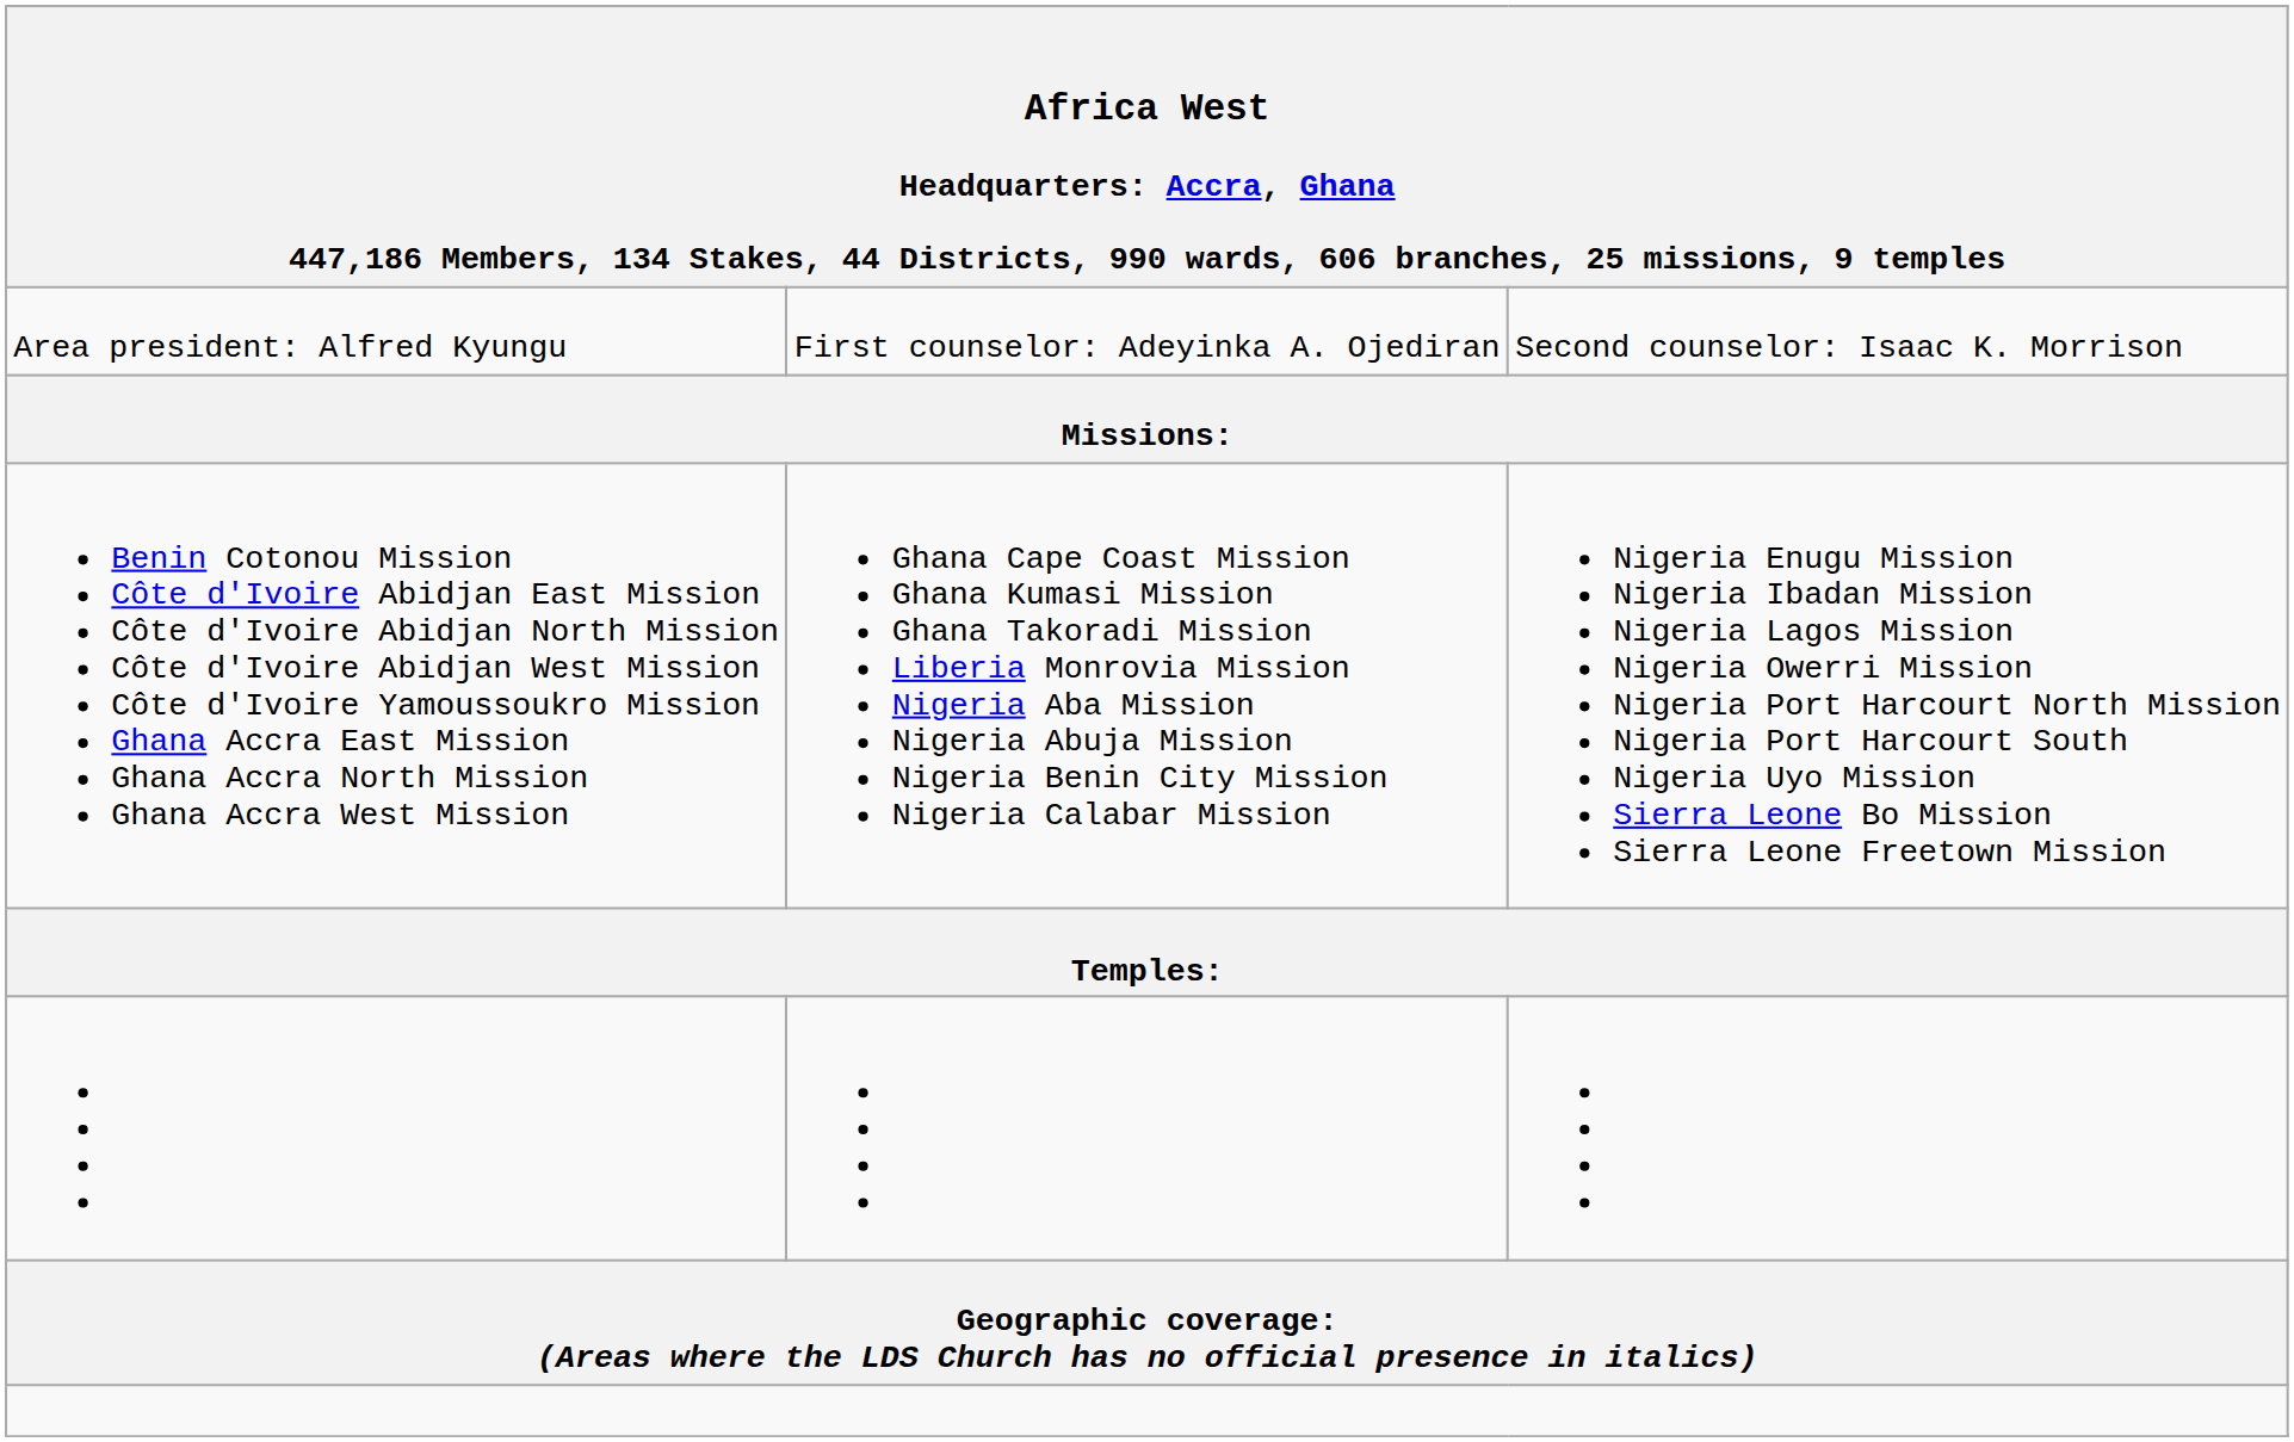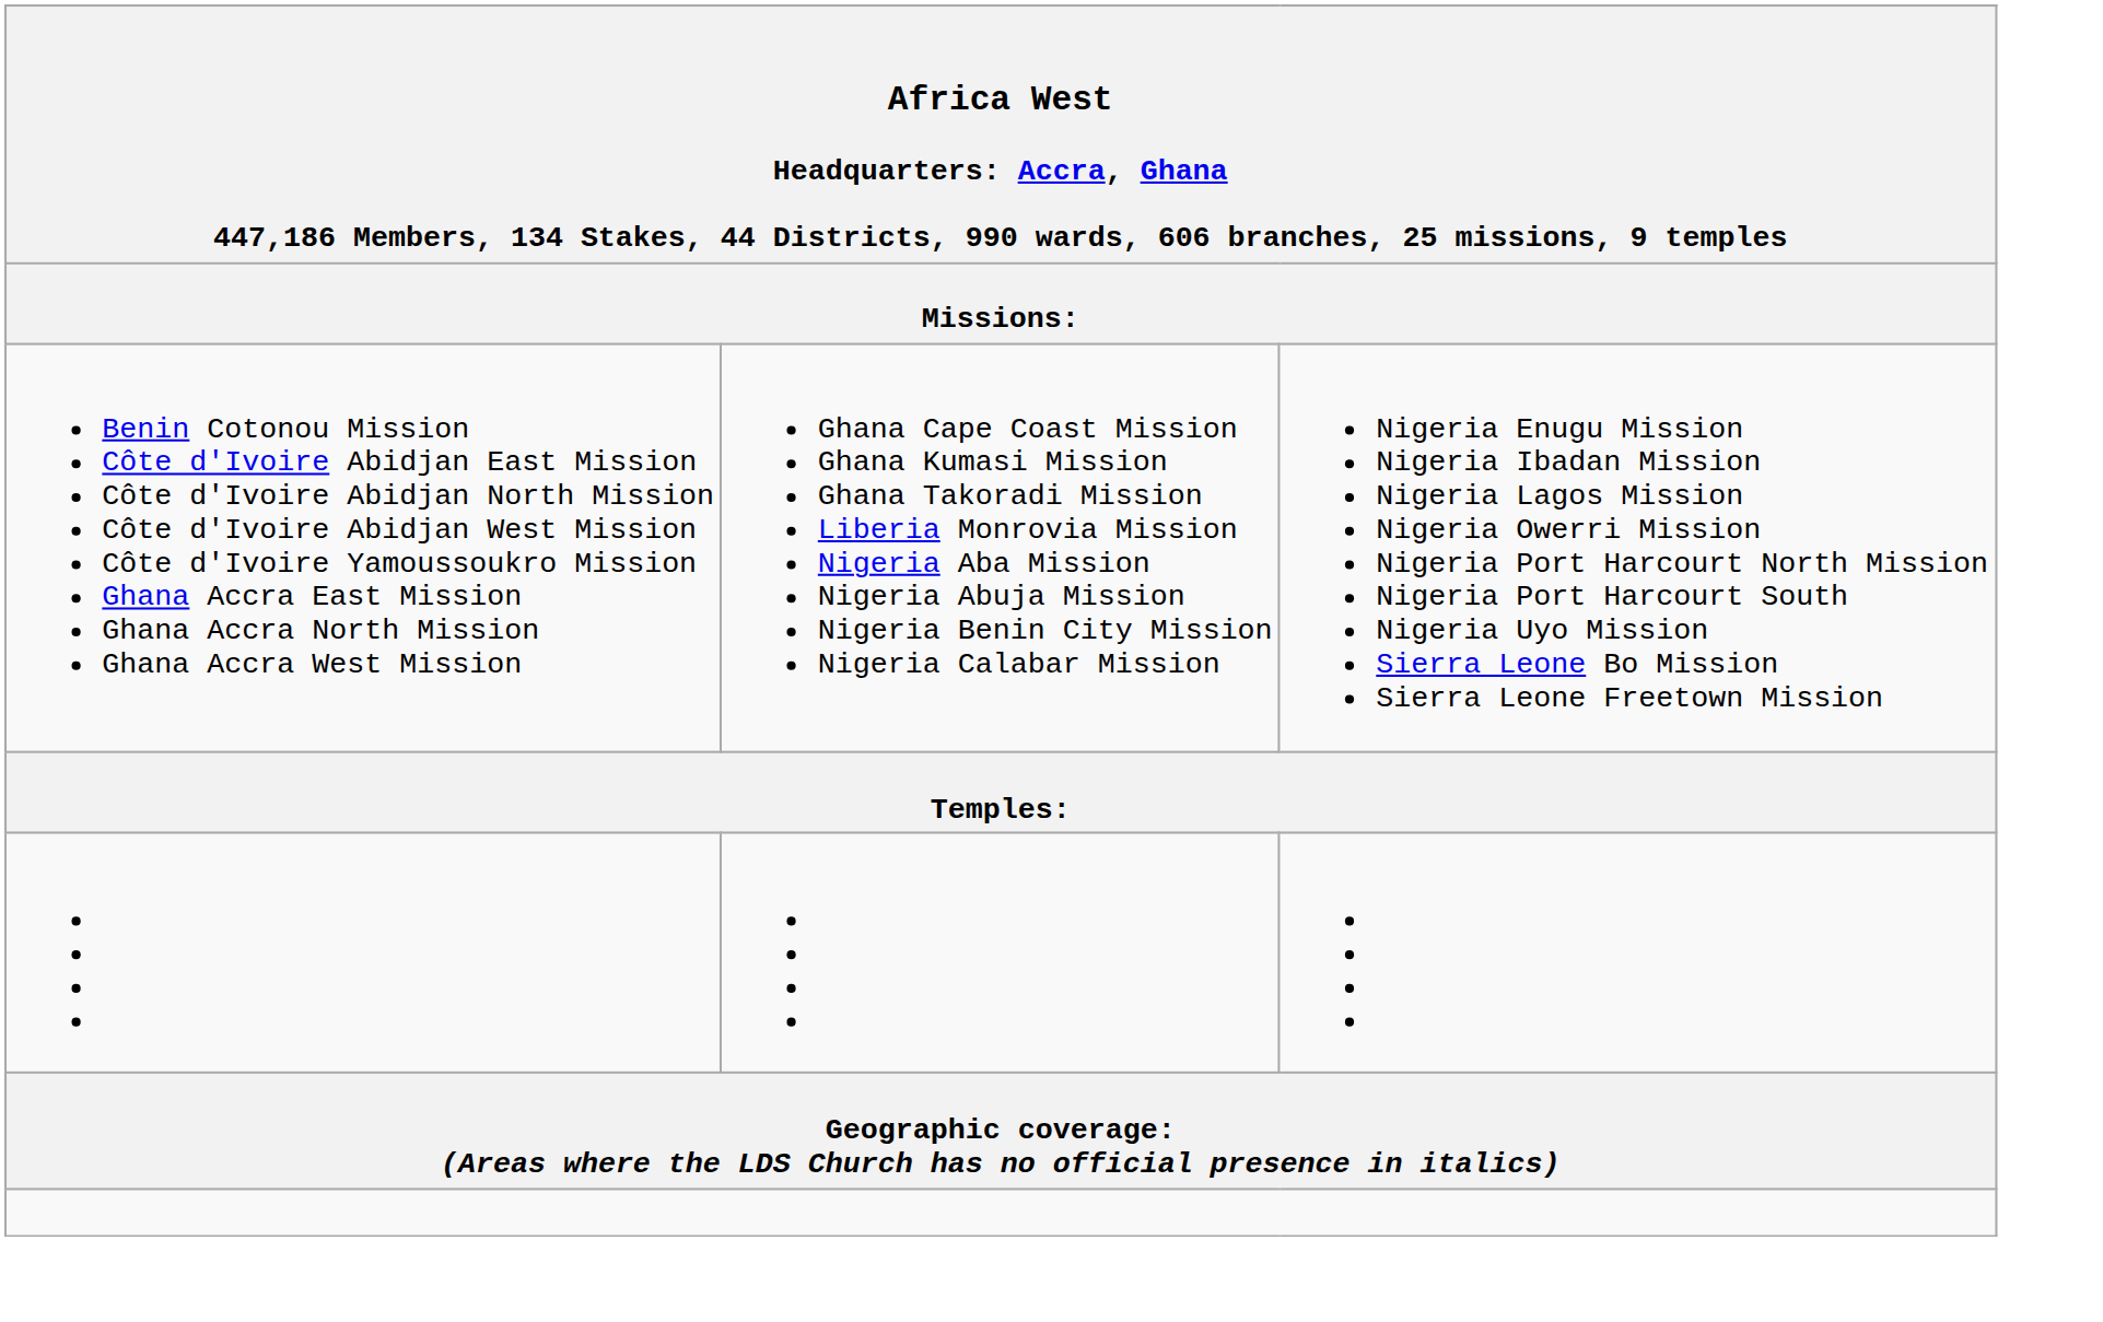 <table class=wikitable>
 <tr>
 <th colspan=3><br><h3>Africa West</h3>Headquarters: <a href='#'>Accra</a>, <a href='#'>Ghana</a><br><br>447,186 Members, 134 Stakes, 44 Districts, 990 wards, 606 branches, 25 missions, 9 temples</th>
-</tr>
-<tr>
-<td style="vertical-align:top"><br>Area president: Alfred Kyungu</td>
-<td style="vertical-align:top"><br>First counselor: Adeyinka A. Ojediran</td>
-<td style="vertical-align:top"><br>Second counselor: Isaac K. Morrison</td>
 </tr>
 <tr>
 <th colspan=3><br>Missions:</th>
 </tr>
 <tr>
 <td style="vertical-align:top"><br><ul><li><a href='#'>Benin</a> Cotonou Mission</li><li><a href='#'>Côte d'Ivoire</a> Abidjan East Mission</li><li>Côte d'Ivoire Abidjan North Mission</li><li>Côte d'Ivoire Abidjan West Mission</li><li>Côte d'Ivoire Yamoussoukro Mission</li><li><a href='#'>Ghana</a> Accra East Mission</li><li>Ghana Accra North Mission</li><li>Ghana Accra West Mission</li></ul></td>
 <td style="vertical-align:top"><br><ul><li>Ghana Cape Coast Mission</li><li>Ghana Kumasi Mission</li><li>Ghana Takoradi Mission</li><li><a href='#'>Liberia</a> Monrovia Mission</li><li><a href='#'>Nigeria</a> Aba Mission</li><li>Nigeria Abuja Mission</li><li>Nigeria Benin City Mission</li><li>Nigeria Calabar Mission</li></ul></td>
 <td style="vertical-align:top"><br><ul><li>Nigeria Enugu Mission</li><li>Nigeria Ibadan Mission</li><li>Nigeria Lagos Mission</li><li>Nigeria Owerri Mission</li><li>Nigeria Port Harcourt North Mission</li><li>Nigeria Port Harcourt South</li><li>Nigeria Uyo Mission</li><li><a href='#'>Sierra Leone</a> Bo Mission</li><li>Sierra Leone Freetown Mission</li></ul></td>
 </tr>
 <tr>
 <th colspan=3><br>Temples:</th>
 </tr>
 <tr>
 <td style="vertical-align:top"><br><ul><li></li><li></li><li></li><li></li></ul></td>
 <td style="vertical-align:top"><br><ul><li></li><li></li><li></li><li></li></ul></td>
 <td style="vertical-align:top"><br><ul><li></li><li></li><li></li><li></li></ul></td>
 </tr>
 <tr>
 <th colspan=3><br>Geographic coverage:<br><em>(Areas where the LDS Church has no official presence in italics)</em></th>
 </tr>
 <tr>
 <td style="vertical-align:top" colspan=3><br></td>
 </tr>
 </table>
